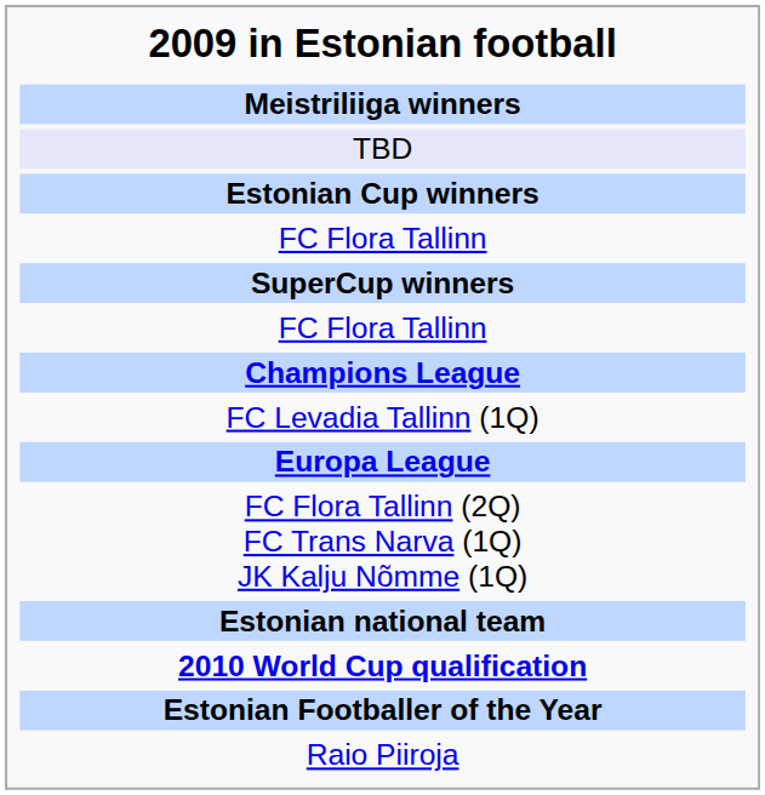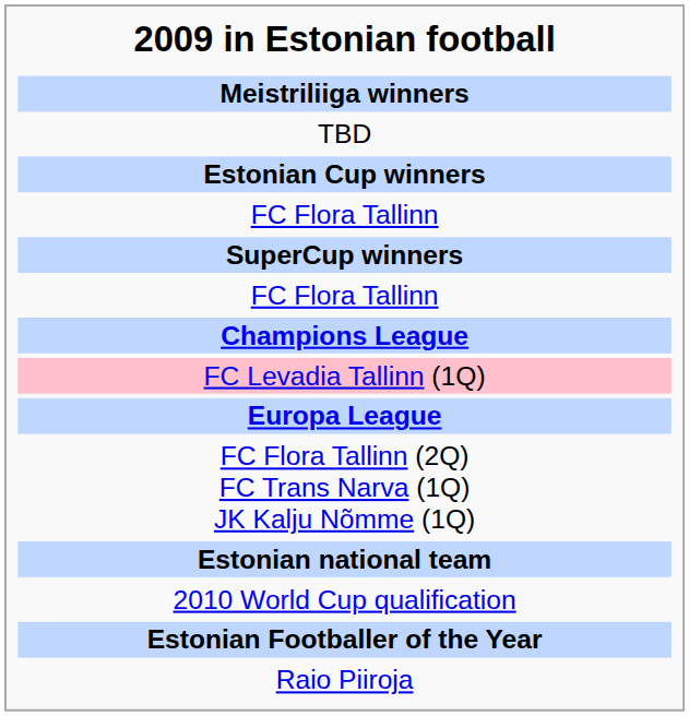 <table class="infobox football" style="width: 19em; text-align: center;">
 <tr>
 <th style="font-size: 16px;">2009 in Estonian football</th>
 </tr>
 <tr>
 <td style="font-size:12px;line-height:14px;"><span></span></td>
 </tr>
 <tr>
 <td style="font-size:12px; background: #BFD7FF;"><strong>Meistriliiga winners</strong></td>
 </tr>
 <tr>
-<td style="background: lavender; font-size:12px;">TBD</td>
+<td style="font-size:12px;">TBD</td>
 </tr>
 <tr>
 <td style="font-size:12px; background: #BFD7FF;"><strong>Estonian Cup winners</strong></td>
 </tr>
 <tr>
 <td style="font-size:12px;"><a href='#'>FC Flora Tallinn</a></td>
 </tr>
 <tr>
 <td style="font-size:12px; background: #BFD7FF;"><strong>SuperCup winners</strong></td>
 </tr>
 <tr>
 <td style="font-size:12px;"><a href='#'>FC Flora Tallinn</a></td>
 </tr>
 <tr>
 <td style="font-size:12px; background: #BFD7FF;"><strong><a href='#'>Champions League</a></strong></td>
 </tr>
 <tr>
-<td style="font-size:12px;"><a href='#'>FC Levadia Tallinn</a> (1Q)</td>
+<td style="background: pink; font-size:12px;"><a href='#'>FC Levadia Tallinn</a> (1Q)</td>
 </tr>
 <tr>
 <td style="font-size:12px; background: #BFD7FF;"><strong><a href='#'>Europa League</a></strong></td>
 </tr>
 <tr>
 <td style="font-size:12px;"><a href='#'>FC Flora Tallinn</a> (2Q)<br><a href='#'>FC Trans Narva</a> (1Q)<br><a href='#'>JK Kalju Nõmme</a> (1Q)</td>
 </tr>
 <tr>
 <td style="font-size:12px; background: #BFD7FF;"><strong>Estonian national team</strong></td>
 </tr>
 <tr>
-<td style="font-size:12px;"><strong><a href='#'>2010 World Cup qualification</a></strong></td>
+<td style="font-size:12px;"><a href='#'>2010 World Cup qualification</a></td>
 </tr>
 <tr>
 <td colspan=3 style="font-size: 12px; background: #BFD7FF;"><strong>Estonian Footballer of the Year</strong></td>
 </tr>
 <tr>
 <td colspan=3 style="font-size: 12px;"><a href='#'>Raio Piiroja</a></td>
 </tr>
 </table>
